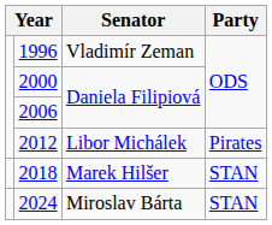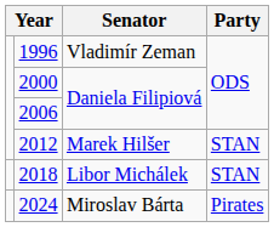 <table class="wikitable">
 <tr>
 <th colspan="2">Year</th>
 <th>Senator</th>
 <th>Party</th>
 </tr>
 <tr>
 <td rowspan="4" style="background-color:"></td>
 <td><a href='#'>1996</a></td>
 <td>Vladimír Zeman</td>
 <td rowspan="3"><a href='#'>ODS</a></td>
 </tr>
 <tr>
 <td><a href='#'>2000</a></td>
 <td rowspan="2"><a href='#'>Daniela Filipiová</a></td>
 </tr>
 <tr>
 <td><a href='#'>2006</a></td>
 </tr>
 <tr>
 <td><a href='#'>2012</a></td>
-<td><a href='#'>Libor Michálek</a></td>
-<td><a href='#'>Pirates</a></td>
+<td><a href='#'>Marek Hilšer</a></td>
+<td><a href='#'>STAN</a></td>
 </tr>
 <tr>
 <td style="background-color:"></td>
 <td><a href='#'>2018</a></td>
-<td><a href='#'>Marek Hilšer</a></td>
+<td><a href='#'>Libor Michálek</a></td>
 <td><a href='#'>STAN</a></td>
 </tr>
 <tr>
 <td style="background-color:"></td>
 <td><a href='#'>2024</a></td>
 <td>Miroslav Bárta</td>
-<td><a href='#'>STAN</a></td>
+<td><a href='#'>Pirates</a></td>
 </tr>
 </table>
